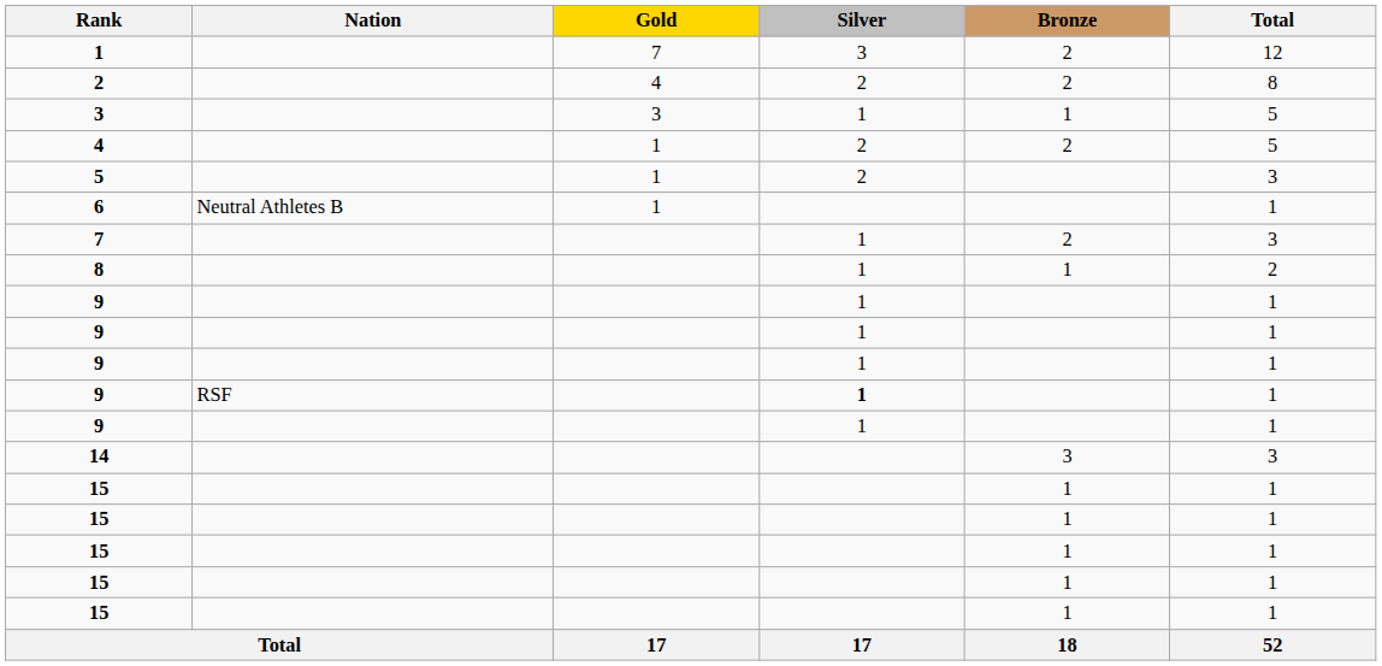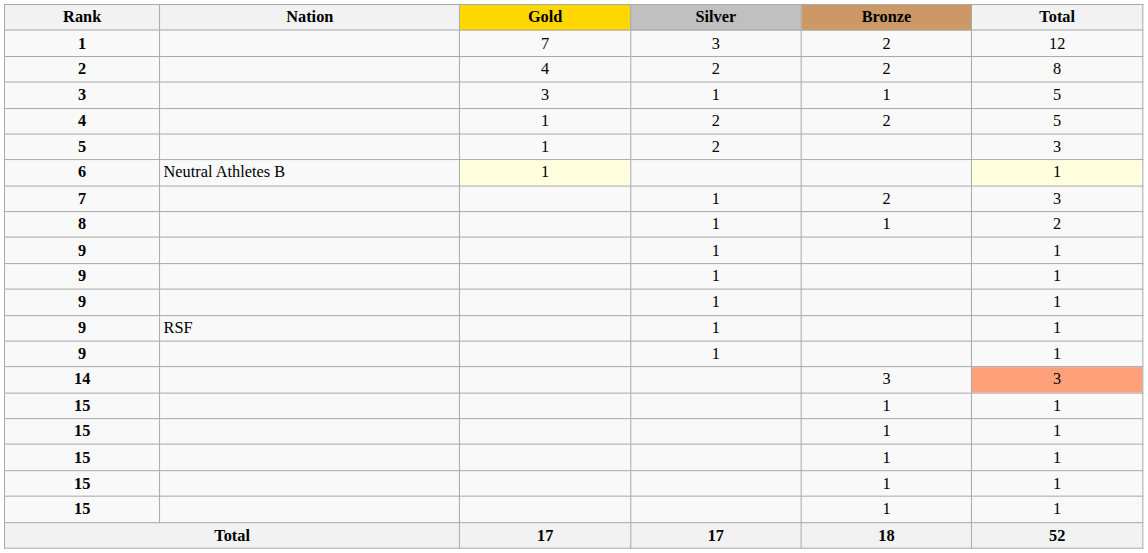 <table class="wikitable collapsible autocollapse plainrowheaders" width=70.5% style="text-align:center;">
 <tr style="background-color:#EDEDED;">
 <th width=100px class="hintergrundfarbe5">Rank</th>
 <th width=200px class="hintergrundfarbe6">Nation</th>
 <th style="background:    gold; width:15%">Gold</th>
 <th style="background:  silver; width:15%">Silver</th>
 <th style="background: #CC9966; width:15%">Bronze</th>
 <th class="hintergrundfarbe6" style="width:15%">Total</th>
 </tr>
 <tr>
 <td><strong>1</strong></td>
 <td align=left></td>
 <td>7</td>
 <td>3</td>
 <td>2</td>
 <td>12</td>
 </tr>
 <tr>
 <td><strong>2</strong></td>
 <td align=left></td>
 <td>4</td>
 <td>2</td>
 <td>2</td>
 <td>8</td>
 </tr>
 <tr>
 <td><strong>3</strong></td>
 <td align=left></td>
 <td>3</td>
 <td>1</td>
 <td>1</td>
 <td>5</td>
 </tr>
 <tr>
 <td><strong>4</strong></td>
 <td align=left></td>
 <td>1</td>
 <td>2</td>
 <td>2</td>
 <td>5</td>
 </tr>
 <tr>
 <td><strong>5</strong></td>
 <td align=left></td>
 <td>1</td>
 <td>2</td>
 <td></td>
 <td>3</td>
 </tr>
 <tr>
 <td><strong>6</strong></td>
 <td align=left> Neutral Athletes B</td>
-<td>1</td>
+<td style="background: lightyellow;">1</td>
 <td></td>
 <td></td>
-<td>1</td>
+<td style="background: lightyellow;">1</td>
 </tr>
 <tr>
 <td><strong>7</strong></td>
 <td align=left></td>
 <td></td>
 <td>1</td>
 <td>2</td>
 <td>3</td>
 </tr>
 <tr>
 <td><strong>8</strong></td>
 <td align=left></td>
 <td></td>
 <td>1</td>
 <td>1</td>
 <td>2</td>
 </tr>
 <tr>
 <td><strong>9</strong></td>
 <td align=left></td>
 <td></td>
 <td>1</td>
 <td></td>
 <td>1</td>
 </tr>
 <tr>
 <td><strong>9</strong></td>
 <td align=left></td>
 <td></td>
 <td>1</td>
 <td></td>
 <td>1</td>
 </tr>
 <tr>
 <td><strong>9</strong></td>
 <td align=left></td>
 <td></td>
 <td>1</td>
 <td></td>
 <td>1</td>
 </tr>
 <tr>
 <td><strong>9</strong></td>
 <td align=left>RSF</td>
 <td></td>
-<td><strong>1</strong></td>
+<td>1</td>
 <td></td>
 <td>1</td>
 </tr>
 <tr>
 <td><strong>9</strong></td>
 <td align=left></td>
 <td></td>
 <td>1</td>
 <td></td>
 <td>1</td>
 </tr>
 <tr>
 <td><strong>14</strong></td>
 <td align=left></td>
 <td></td>
 <td></td>
 <td>3</td>
-<td>3</td>
+<td style="background: lightsalmon;">3</td>
 </tr>
 <tr>
 <td><strong>15</strong></td>
 <td align=left></td>
 <td></td>
 <td></td>
 <td>1</td>
 <td>1</td>
 </tr>
 <tr>
 <td><strong>15</strong></td>
 <td align=left></td>
 <td></td>
 <td></td>
 <td>1</td>
 <td>1</td>
 </tr>
 <tr>
 <td><strong>15</strong></td>
 <td align=left></td>
 <td></td>
 <td></td>
 <td>1</td>
 <td>1</td>
 </tr>
 <tr>
 <td><strong>15</strong></td>
 <td align=left></td>
 <td></td>
 <td></td>
 <td>1</td>
 <td>1</td>
 </tr>
 <tr>
 <td><strong>15</strong></td>
 <td align=left></td>
 <td></td>
 <td></td>
 <td>1</td>
 <td>1</td>
 </tr>
 <tr>
 <th colspan=2>Total</th>
 <th>17</th>
 <th>17</th>
 <th>18</th>
 <th>52</th>
 </tr>
 </table>
